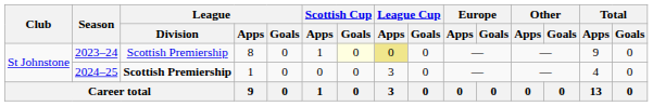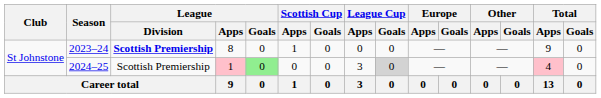 <table class="wikitable" style="text-align: center;">
 <tr>
 <th rowspan="2">Club</th>
 <th rowspan="2">Season</th>
 <th colspan="3">League</th>
 <th colspan="2"><a href='#'>Scottish Cup</a></th>
 <th colspan="2"><a href='#'>League Cup</a></th>
 <th colspan="2">Europe</th>
 <th colspan="2">Other</th>
 <th colspan="2">Total</th>
 </tr>
 <tr>
 <th>Division</th>
 <th>Apps</th>
 <th>Goals</th>
 <th>Apps</th>
 <th>Goals</th>
 <th>Apps</th>
 <th>Goals</th>
 <th>Apps</th>
 <th>Goals</th>
 <th>Apps</th>
 <th>Goals</th>
 <th>Apps</th>
 <th>Goals</th>
 </tr>
 <tr>
 <td rowspan="2"><a href='#'>St Johnstone</a></td>
 <td><a href='#'>2023–24</a></td>
-<td><a href='#'>Scottish Premiership</a></td>
+<td><strong><a href='#'>Scottish Premiership</a></strong></td>
 <td>8</td>
 <td>0</td>
 <td>1</td>
-<td style="background: lightyellow;">0</td>
-<td style="background: khaki;">0</td>
+<td>0</td>
+<td>0</td>
 <td>0</td>
 <td colspan="2">—</td>
 <td colspan="2">—</td>
 <td>9</td>
 <td>0</td>
 </tr>
 <tr>
 <td><a href='#'>2024–25</a></td>
-<td><strong>Scottish Premiership</strong></td>
-<td>1</td>
-<td>0</td>
+<td>Scottish Premiership</td>
+<td style="background: pink;">1</td>
+<td style="background: lightgreen;">0</td>
 <td>0</td>
 <td>0</td>
 <td>3</td>
-<td>0</td>
+<td style="background: lightgrey;">0</td>
 <td colspan="2">—</td>
 <td colspan="2">—</td>
-<td>4</td>
+<td style="background: pink;">4</td>
 <td>0</td>
 </tr>
 <tr>
 <th colspan="3">Career total</th>
 <th>9</th>
 <th>0</th>
 <th>1</th>
 <th>0</th>
 <th>3</th>
 <th>0</th>
 <th>0</th>
 <th>0</th>
 <th>0</th>
 <th>0</th>
 <th>13</th>
 <th>0</th>
 </tr>
 </table>
